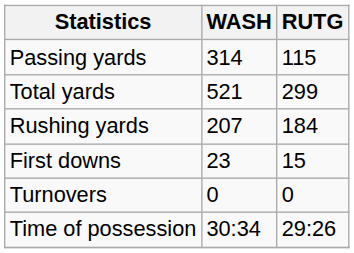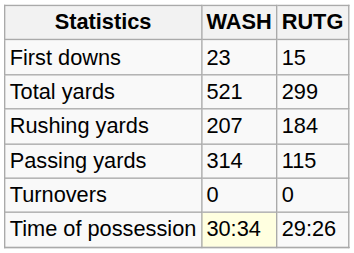 <table class="wikitable" style="float: left;">
 <tr>
 <th>Statistics</th>
 <th>WASH</th>
 <th>RUTG</th>
 </tr>
 <tr>
-<td>Passing yards</td>
-<td>314</td>
-<td>115</td>
+<td>First downs</td>
+<td>23</td>
+<td>15</td>
 </tr>
 <tr>
 <td>Total yards</td>
 <td>521</td>
 <td>299</td>
 </tr>
 <tr>
 <td>Rushing yards</td>
 <td>207</td>
 <td>184</td>
 </tr>
 <tr>
-<td>First downs</td>
-<td>23</td>
-<td>15</td>
+<td>Passing yards</td>
+<td>314</td>
+<td>115</td>
 </tr>
 <tr>
 <td>Turnovers</td>
 <td>0</td>
 <td>0</td>
 </tr>
 <tr>
 <td>Time of possession</td>
-<td>30:34</td>
+<td style="background: lightyellow;">30:34</td>
 <td>29:26</td>
 </tr>
 <tr>
 </tr>
 </table>
